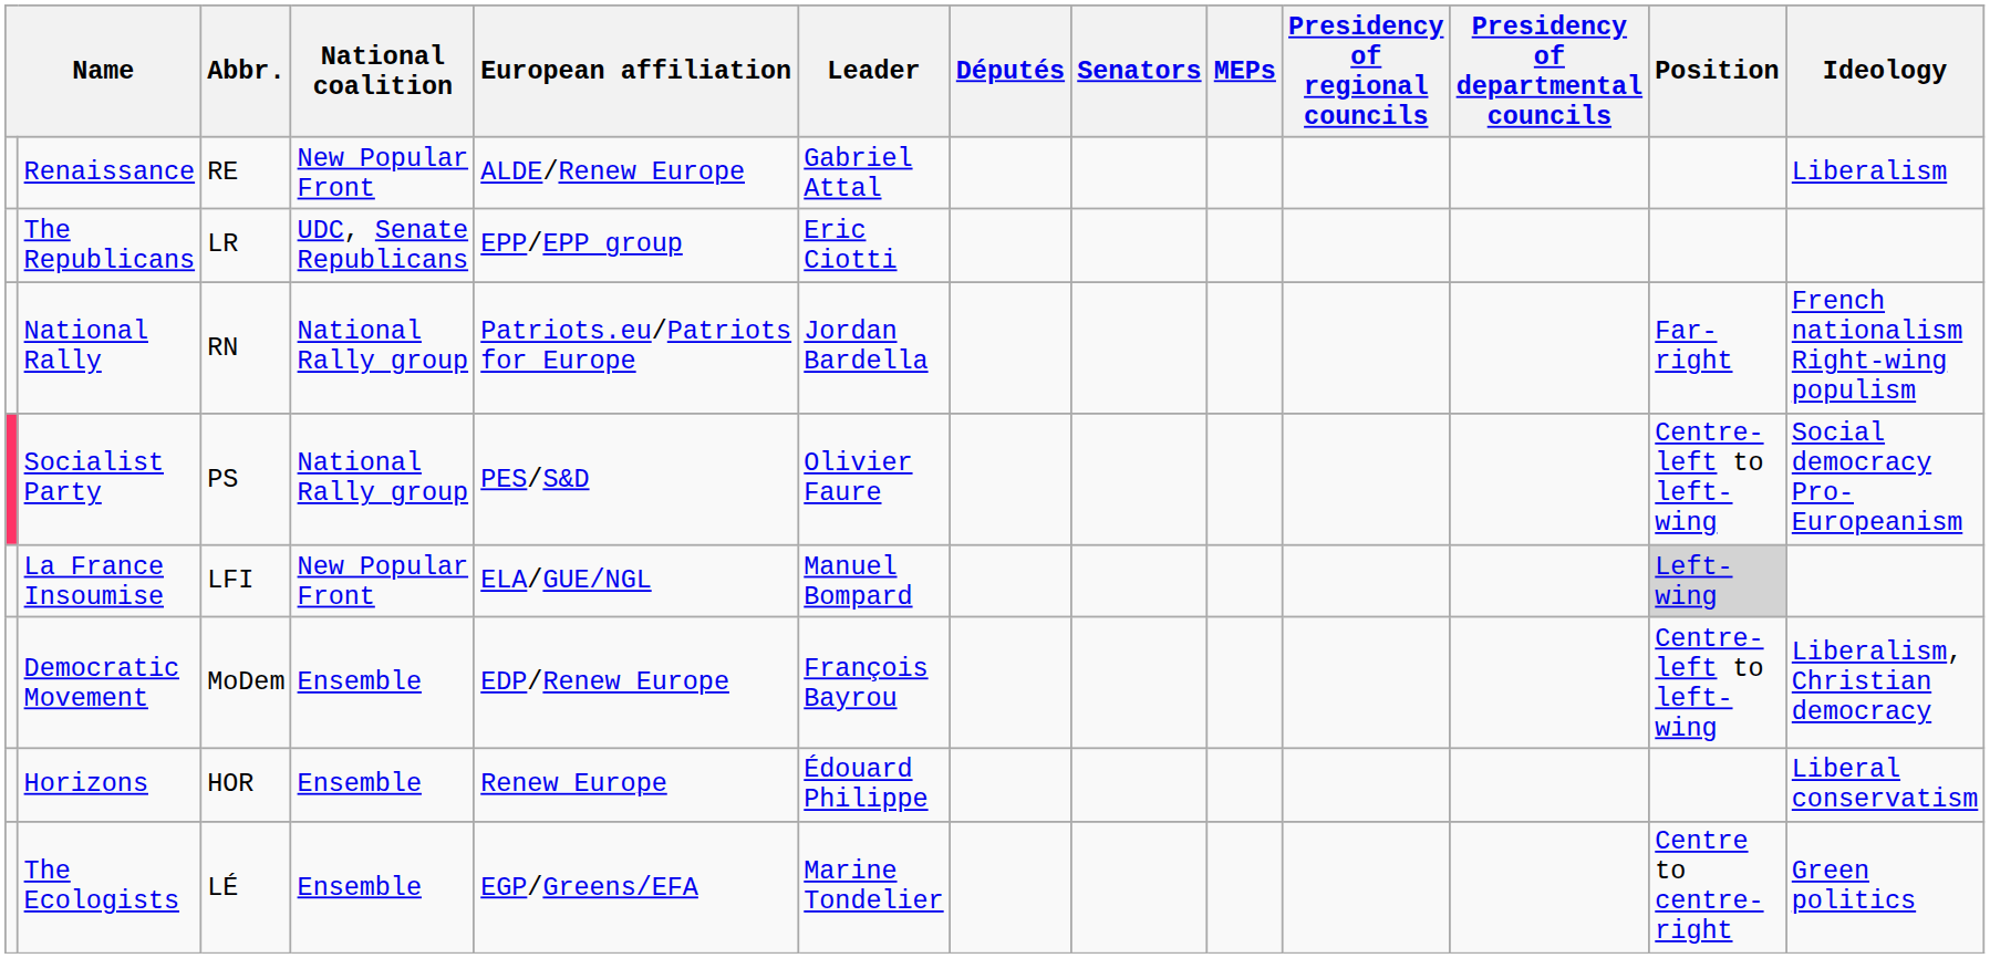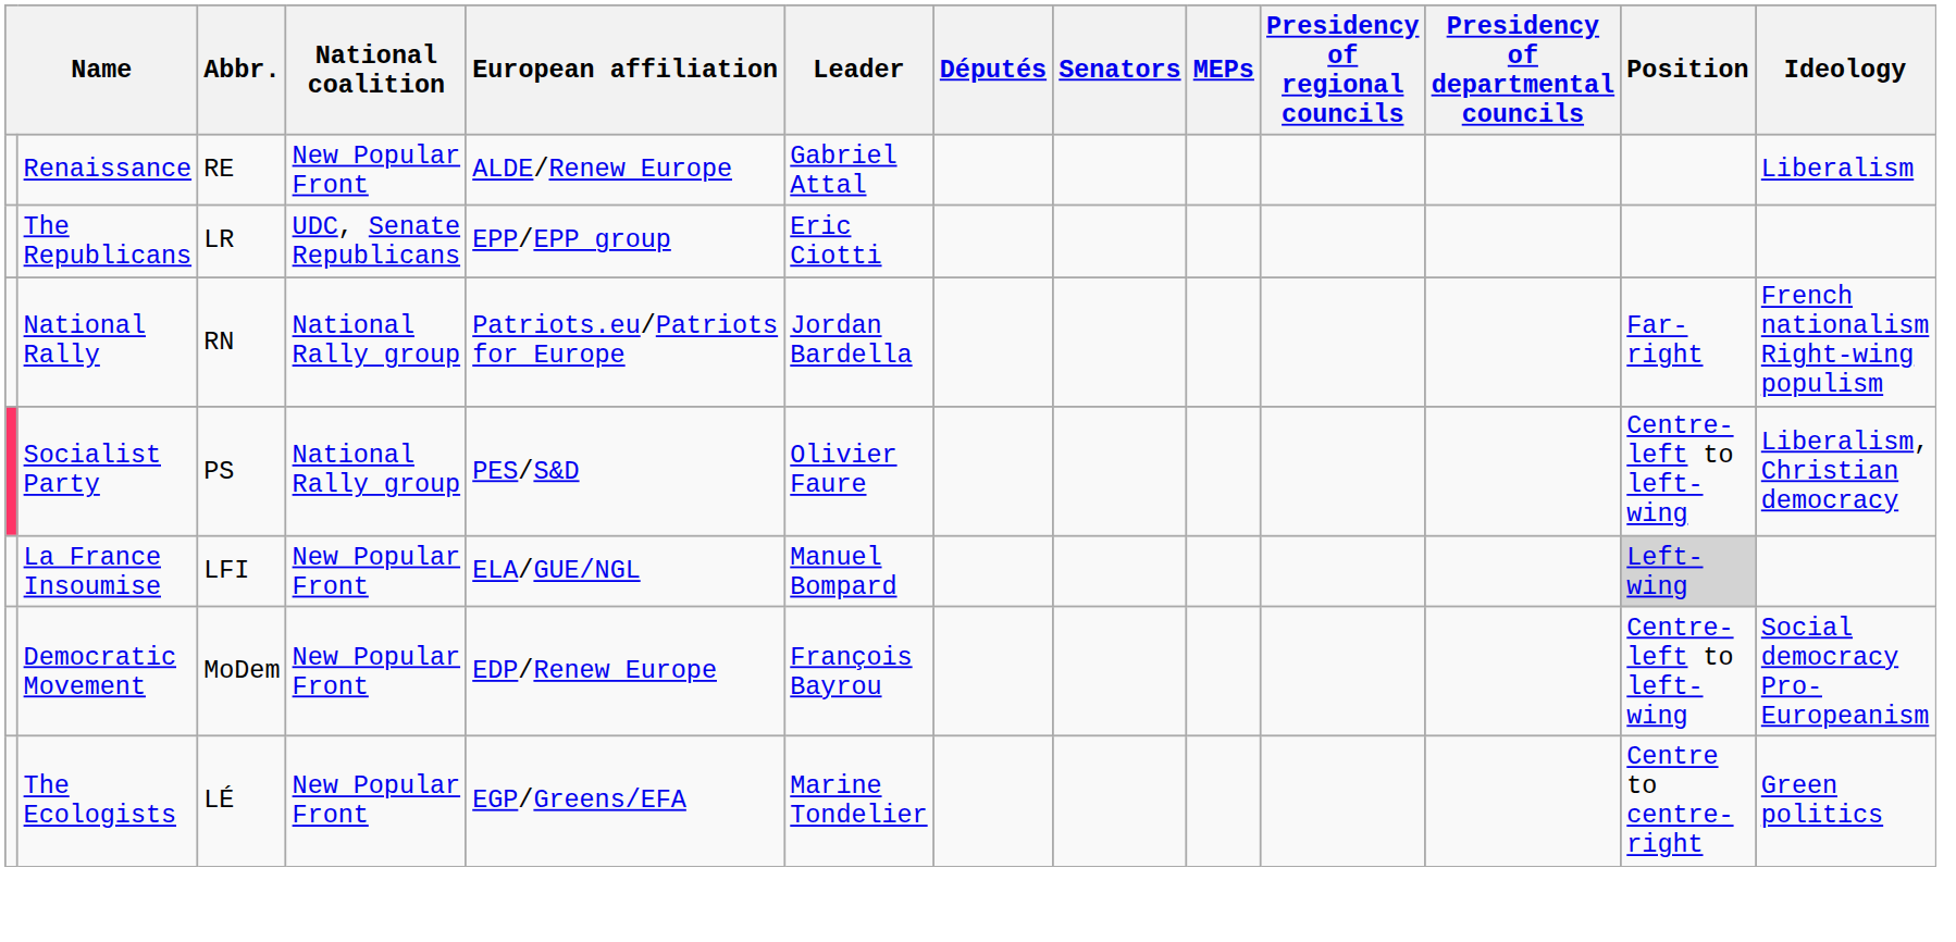 <table class="wikitable">
 <tr>
 <th colspan=2>Name</th>
 <th>Abbr.</th>
 <th>National coalition</th>
 <th>European affiliation</th>
 <th>Leader</th>
 <th><a href='#'>Députés</a></th>
 <th><a href='#'>Senators</a></th>
 <th><a href='#'>MEPs</a></th>
 <th><a href='#'>Presidency of<br>regional councils</a></th>
 <th><a href='#'>Presidency of<br>departmental councils</a></th>
 <th>Position</th>
 <th>Ideology</th>
 </tr>
 <tr>
 <td style=background:></td>
 <td><a href='#'>Renaissance</a></td>
 <td>RE</td>
 <td><a href='#'>New Popular Front</a></td>
 <td><a href='#'>ALDE</a>/<a href='#'>Renew Europe</a></td>
 <td><a href='#'>Gabriel Attal</a></td>
 <td></td>
 <td></td>
 <td></td>
 <td></td>
 <td></td>
 <td></td>
 <td><a href='#'>Liberalism</a></td>
 </tr>
 <tr>
 <td style=background:></td>
 <td><a href='#'>The Republicans</a></td>
 <td>LR</td>
 <td><a href='#'>UDC</a>, <a href='#'>Senate Republicans</a></td>
 <td><a href='#'>EPP</a>/<a href='#'>EPP group</a></td>
 <td><a href='#'>Eric Ciotti</a></td>
 <td></td>
 <td></td>
 <td></td>
 <td></td>
 <td></td>
 <td></td>
 <td></td>
 </tr>
 <tr>
 <td style=background:></td>
 <td><a href='#'>National Rally</a></td>
 <td>RN</td>
 <td><a href='#'>National Rally group</a></td>
 <td><a href='#'>Patriots.eu</a>/<a href='#'>Patriots for Europe</a></td>
 <td><a href='#'>Jordan Bardella</a></td>
 <td></td>
 <td></td>
 <td></td>
 <td></td>
 <td></td>
 <td><a href='#'>Far-right</a></td>
 <td><a href='#'>French nationalism</a><br><a href='#'>Right-wing populism</a></td>
 </tr>
 <tr>
 <td style="background:#f36;"></td>
 <td><a href='#'>Socialist Party</a></td>
 <td>PS</td>
 <td><a href='#'>National Rally group</a></td>
 <td><a href='#'>PES</a>/<a href='#'>S&D</a></td>
 <td><a href='#'>Olivier Faure</a></td>
 <td></td>
 <td></td>
 <td></td>
 <td></td>
 <td></td>
 <td><a href='#'>Centre-left</a> to <a href='#'>left-wing</a></td>
-<td><a href='#'>Social democracy</a><br><a href='#'>Pro-Europeanism</a></td>
+<td><a href='#'>Liberalism</a>, <a href='#'>Christian democracy</a></td>
 </tr>
 <tr>
 <td style=background:></td>
 <td><a href='#'>La France Insoumise</a></td>
 <td>LFI</td>
 <td><a href='#'>New Popular Front</a></td>
 <td><a href='#'>ELA</a>/<a href='#'>GUE/NGL</a></td>
 <td><a href='#'>Manuel Bompard</a></td>
 <td></td>
 <td></td>
 <td></td>
 <td></td>
 <td></td>
 <td {{Nowrap style="background: lightgrey;"><a href='#'>Left-wing</a></td>
 <td></td>
 </tr>
 <tr>
 <td style="background:"></td>
 <td><a href='#'>Democratic Movement</a></td>
 <td>MoDem</td>
-<td><a href='#'>Ensemble</a></td>
+<td><a href='#'>New Popular Front</a></td>
 <td><a href='#'>EDP</a>/<a href='#'>Renew Europe</a></td>
 <td><a href='#'>François Bayrou</a></td>
 <td></td>
 <td></td>
 <td></td>
 <td></td>
 <td></td>
 <td><a href='#'>Centre-left</a> to <a href='#'>left-wing</a></td>
-<td><a href='#'>Liberalism</a>, <a href='#'>Christian democracy</a></td>
-</tr>
-<tr>
-<td style="background:"></td>
-<td><a href='#'>Horizons</a></td>
-<td>HOR</td>
-<td><a href='#'>Ensemble</a></td>
-<td><a href='#'>Renew Europe</a></td>
-<td><a href='#'>Édouard Philippe</a></td>
-<td></td>
-<td></td>
-<td></td>
-<td></td>
-<td></td>
-<td></td>
-<td><a href='#'>Liberal conservatism</a></td>
+<td><a href='#'>Social democracy</a><br><a href='#'>Pro-Europeanism</a></td>
 </tr>
 <tr>
 <td style="background:"></td>
 <td><a href='#'>The Ecologists</a></td>
 <td>LÉ</td>
-<td><a href='#'>Ensemble</a></td>
+<td><a href='#'>New Popular Front</a></td>
 <td><a href='#'>EGP</a>/<a href='#'>Greens/EFA</a></td>
 <td><a href='#'>Marine Tondelier</a></td>
 <td></td>
 <td></td>
 <td></td>
 <td></td>
 <td></td>
 <td><a href='#'>Centre</a> to <a href='#'>centre-right</a></td>
 <td><a href='#'>Green politics</a></td>
 </tr>
 </table>
